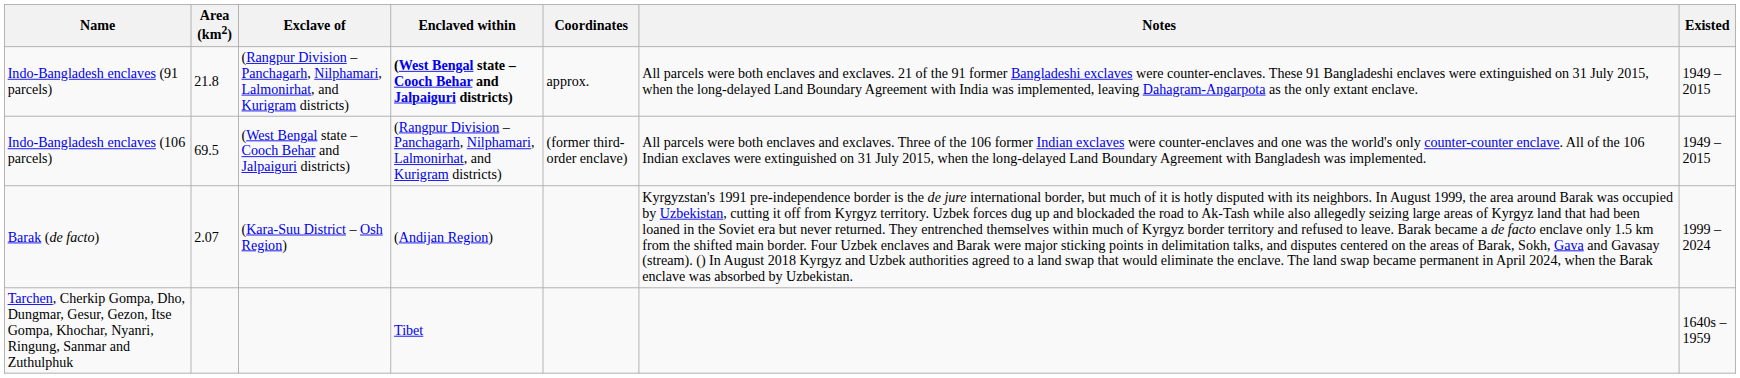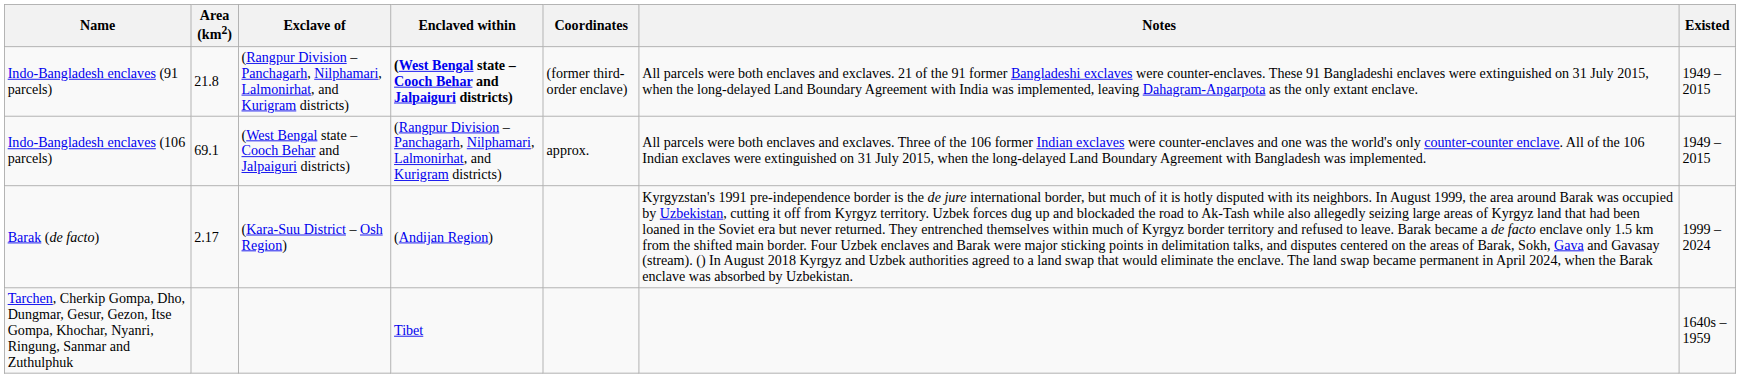 <table class="wikitable sortable" style="text-align:left; border:1px;; cellpadding:5; cellspacing:0;">
 <tr>
 <th>Name</th>
 <th data-sort-type="number">Area (km<sup>2</sup>)</th>
 <th>Exclave of</th>
 <th>Enclaved within</th>
 <th>Coordinates</th>
 <th>Notes</th>
 <th>Existed</th>
 </tr>
 <tr>
 <td><a href='#'>Indo-Bangladesh enclaves</a> (91 parcels)</td>
 <td>21.8</td>
 <td> (<a href='#'>Rangpur Division</a> – <a href='#'>Panchagarh</a>, <a href='#'>Nilphamari</a>, <a href='#'>Lalmonirhat</a>, and <a href='#'>Kurigram</a> districts)</td>
 <td><strong> (<a href='#'>West Bengal</a> state – <a href='#'>Cooch Behar</a> and <a href='#'>Jalpaiguri</a> districts)</strong></td>
-<td>approx. </td>
+<td> (former third-order enclave)</td>
 <td>All parcels were both enclaves and exclaves. 21 of the 91 former <a href='#'>Bangladeshi exclaves</a> were counter-enclaves. These 91 Bangladeshi enclaves were extinguished on 31 July 2015, when the long-delayed Land Boundary Agreement with India was implemented, leaving <a href='#'>Dahagram-Angarpota</a> as the only extant enclave.</td>
 <td>1949 – 2015</td>
 </tr>
 <tr>
 <td><a href='#'>Indo-Bangladesh enclaves</a> (106 parcels)</td>
-<td>69.5</td>
+<td>69.1</td>
 <td> (<a href='#'>West Bengal</a> state – <a href='#'>Cooch Behar</a> and <a href='#'>Jalpaiguri</a> districts)</td>
 <td> (<a href='#'>Rangpur Division</a> – <a href='#'>Panchagarh</a>, <a href='#'>Nilphamari</a>, <a href='#'>Lalmonirhat</a>, and <a href='#'>Kurigram</a> districts)</td>
-<td> (former third-order enclave)</td>
+<td>approx. </td>
 <td>All parcels were both enclaves and exclaves. Three of the 106 former <a href='#'>Indian exclaves</a> were counter-enclaves and one was the world's only <a href='#'>counter-counter enclave</a>. All of the 106 Indian exclaves were extinguished on 31 July 2015, when the long-delayed Land Boundary Agreement with Bangladesh was implemented.</td>
 <td>1949 – 2015</td>
 </tr>
 <tr>
 <td><a href='#'>Barak</a> (<em>de facto</em>)</td>
-<td>2.07</td>
+<td>2.17</td>
 <td> (<a href='#'>Kara-Suu District</a> – <a href='#'>Osh Region</a>)</td>
 <td> (<a href='#'>Andijan Region</a>)</td>
 <td></td>
 <td>Kyrgyzstan's 1991 pre-independence border is the <em>de jure</em> international border, but much of it is hotly disputed with its neighbors. In August 1999, the area around Barak was occupied by <a href='#'>Uzbekistan</a>, cutting it off from Kyrgyz territory. Uzbek forces dug up and blockaded the road to Ak-Tash while also allegedly seizing large areas of Kyrgyz land that had been loaned in the Soviet era but never returned. They entrenched themselves within much of Kyrgyz border territory and refused to leave. Barak became a <em>de facto</em> enclave only 1.5 km from the shifted main border. Four Uzbek enclaves and Barak were major sticking points in delimitation talks, and disputes centered on the areas of Barak, Sokh, <a href='#'>Gava</a> and Gavasay (stream). () In August 2018 Kyrgyz and Uzbek authorities agreed to a land swap that would eliminate the enclave. The land swap became permanent in April 2024, when the Barak enclave was absorbed by Uzbekistan.</td>
 <td>1999 – 2024</td>
 </tr>
 <tr>
 <td><a href='#'>Tarchen</a>, Cherkip Gompa, Dho, Dungmar, Gesur, Gezon, Itse Gompa, Khochar, Nyanri, Ringung, Sanmar and Zuthulphuk</td>
 <td></td>
 <td></td>
 <td><a href='#'>Tibet</a></td>
 <td></td>
 <td></td>
 <td>1640s –1959</td>
 </tr>
 <tr>
 </tr>
 </table>
